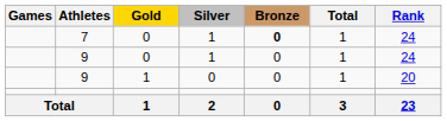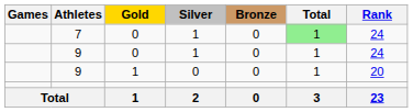 <table class="wikitable sortable" style="text-align:center; font-size:90%;">
 <tr>
 <th>Games</th>
 <th>Athletes</th>
 <th style="background:gold; width:4.5em; font-weight:bold;">Gold</th>
 <th style="background:silver; width:4.5em; font-weight:bold;">Silver</th>
 <th style="background:#cc9966; width:4.5em; font-weight:bold;">Bronze</th>
 <th style="width:4.5em; font-weight:bold;">Total</th>
 <th style="width:4.5em; font-weight:bold;"><a href='#'>Rank</a></th>
 </tr>
 <tr>
 <td align=left></td>
 <td>7</td>
 <td>0</td>
 <td>1</td>
-<td><strong>0</strong></td>
-<td>1</td>
+<td>0</td>
+<td style="background: lightgreen;">1</td>
 <td><a href='#'>24</a></td>
 </tr>
 <tr>
 <td align=left></td>
 <td>9</td>
 <td>0</td>
 <td>1</td>
 <td>0</td>
 <td>1</td>
 <td><a href='#'>24</a></td>
 </tr>
 <tr>
 <td align=left></td>
 <td>9</td>
 <td>1</td>
 <td>0</td>
 <td>0</td>
 <td>1</td>
 <td><a href='#'>20</a></td>
 </tr>
 <tr>
 <td align=left></td>
 <td></td>
 <td></td>
 <td></td>
 <td></td>
 <td></td>
 <td></td>
 </tr>
 <tr>
 <th colspan=2>Total</th>
 <th>1</th>
 <th>2</th>
 <th>0</th>
 <th>3</th>
 <th><a href='#'>23</a></th>
 </tr>
 </table>
